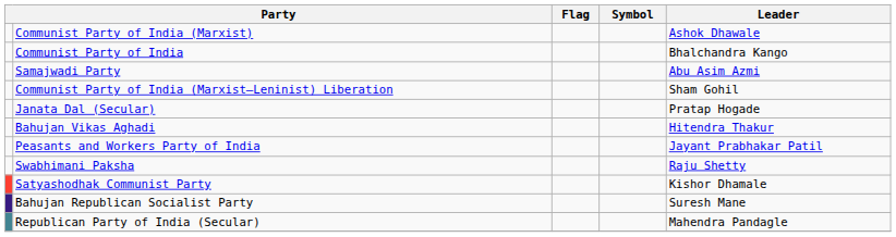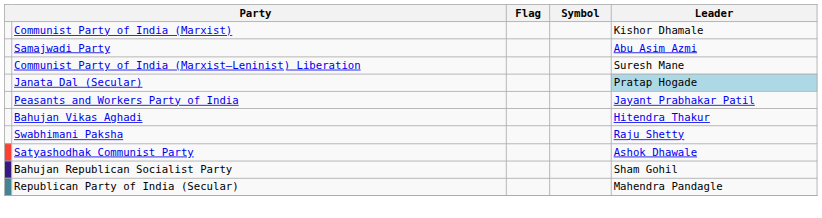 <table class="wikitable" width="50%">
 <tr>
 <th colspan="2">Party</th>
 <th>Flag</th>
 <th>Symbol</th>
 <th>Leader</th>
 </tr>
 <tr>
 <td style="text-align:center; background:"></td>
 <td><a href='#'>Communist Party of India (Marxist)</a></td>
 <td></td>
 <td></td>
-<td><a href='#'>Ashok Dhawale</a></td>
-</tr>
-<tr>
-<td style="text-align:center; background:"></td>
-<td><a href='#'>Communist Party of India</a></td>
-<td></td>
-<td></td>
-<td>Bhalchandra Kango</td>
+<td>Kishor Dhamale</td>
 </tr>
 <tr>
 <td style="text-align:center; background:"></td>
 <td><a href='#'>Samajwadi Party</a></td>
 <td></td>
 <td></td>
 <td><a href='#'>Abu Asim Azmi</a></td>
 </tr>
 <tr>
 <td style="text-align:center; background:"></td>
 <td><a href='#'>Communist Party of India (Marxist–Leninist) Liberation</a></td>
 <td></td>
 <td></td>
-<td>Sham Gohil</td>
+<td>Suresh Mane</td>
 </tr>
 <tr>
 <td style="text-align:center; background:"></td>
 <td><a href='#'>Janata Dal (Secular)</a></td>
 <td></td>
 <td></td>
-<td>Pratap Hogade</td>
+<td style="background: lightblue;">Pratap Hogade</td>
+</tr>
+<tr>
+<td style="text-align:center; background:"></td>
+<td><a href='#'>Peasants and Workers Party of India</a></td>
+<td></td>
+<td></td>
+<td><a href='#'>Jayant Prabhakar Patil</a></td>
 </tr>
 <tr>
 <td style="text-align:center; background:"></td>
 <td><a href='#'>Bahujan Vikas Aghadi</a></td>
 <td></td>
 <td></td>
 <td><a href='#'>Hitendra Thakur</a></td>
-</tr>
-<tr>
-<td style="text-align:center; background:"></td>
-<td><a href='#'>Peasants and Workers Party of India</a></td>
-<td></td>
-<td></td>
-<td><a href='#'>Jayant Prabhakar Patil</a></td>
 </tr>
 <tr>
 <td style="text-align:center; background:"></td>
 <td><a href='#'>Swabhimani Paksha</a></td>
 <td></td>
 <td></td>
 <td><a href='#'>Raju Shetty</a></td>
 </tr>
 <tr>
 <td bgcolor=#fe3f31></td>
 <td><a href='#'>Satyashodhak Communist Party</a></td>
 <td></td>
 <td></td>
-<td>Kishor Dhamale</td>
+<td><a href='#'>Ashok Dhawale</a></td>
 </tr>
 <tr>
 <td bgcolor=#371a81></td>
 <td>Bahujan Republican Socialist Party</td>
 <td></td>
 <td></td>
-<td>Suresh Mane</td>
+<td>Sham Gohil</td>
 </tr>
 <tr>
 <td bgcolor=#428492></td>
 <td>Republican Party of India (Secular)</td>
 <td></td>
 <td></td>
 <td>Mahendra Pandagle</td>
 </tr>
 <tr>
 </tr>
 </table>
